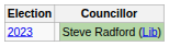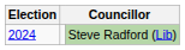 <table class="wikitable">
 <tr>
 <th>Election</th>
 <th colspan="2">Councillor</th>
 </tr>
 <tr>
-<td><a href='#'>2023</a></td>
+<td><a href='#'>2024</a></td>
 <td style="background-color: "></td>
 <td bgcolor="#B6D7A8">Steve Radford (<a href='#'>Lib</a>)</td>
 </tr>
 </table>
